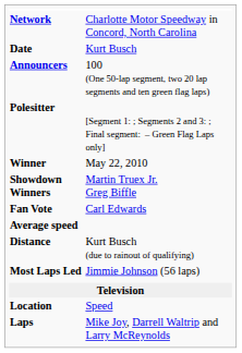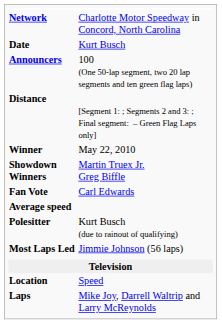 <table class="infobox" width="300" style="font-size: 90%;">
 <tr style="text-align: center; background: #ffffff;">
 <td colspan="2"></td>
 </tr>
 <tr style="vertical-align: middle;">
 <td><strong><a href='#'>Network</a></strong></td>
 <td><a href='#'>Charlotte Motor Speedway</a> in <a href='#'>Concord, North Carolina</a></td>
 </tr>
 <tr style="vertical-align: middle;">
 <td><strong>Date</strong></td>
 <td><a href='#'>Kurt Busch</a></td>
 </tr>
 <tr style="vertical-align: middle;">
 <td><strong><a href='#'>Announcers</a></strong></td>
 <td>100<br><small>(One 50-lap segment, two 20 lap segments and ten green flag laps)</small></td>
 </tr>
 <tr style="vertical-align: middle;">
-<td><strong>Polesitter</strong></td>
+<td><strong>Distance</strong></td>
 <td><br><small>[Segment 1: ; Segments 2 and 3: ; Final segment:  – Green Flag Laps only]</small></td>
 </tr>
 <tr style="vertical-align: middle;">
 <td><strong>Winner</strong></td>
 <td>May 22, 2010</td>
 </tr>
 <tr style="vertical-align: middle;">
 <td><strong>Showdown Winners</strong></td>
 <td><a href='#'>Martin Truex Jr.</a><br><a href='#'>Greg Biffle</a></td>
 </tr>
 <tr style="vertical-align: middle;">
 <td><strong>Fan Vote</strong></td>
 <td><a href='#'>Carl Edwards</a></td>
 </tr>
 <tr style="vertical-align: middle;">
 <td><strong>Average speed</strong></td>
 <td></td>
 </tr>
 <tr style="vertical-align: middle;">
-<td><strong>Distance</strong></td>
+<td><strong>Polesitter</strong></td>
 <td>Kurt Busch<br><small>(due to rainout of qualifying)</small></td>
 </tr>
 <tr style="vertical-align: middle;">
 <td><strong>Most Laps Led</strong></td>
 <td><a href='#'>Jimmie Johnson</a> (56 laps)</td>
 </tr>
 <tr style="vertical-align: middle;">
 <td></td>
 </tr>
 <tr>
 <td align="center" style="background:#efefef;" colspan=2><strong>Television</strong></td>
 </tr>
 <tr style="vertical-align: middle;">
 <td><strong>Location</strong></td>
 <td><a href='#'>Speed</a></td>
 </tr>
 <tr style="vertical-align: middle;">
 <td><strong>Laps</strong></td>
 <td><a href='#'>Mike Joy</a>, <a href='#'>Darrell Waltrip</a> and <a href='#'>Larry McReynolds</a></td>
 </tr>
 </table>
